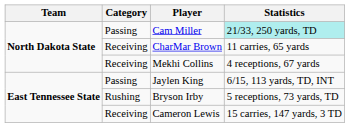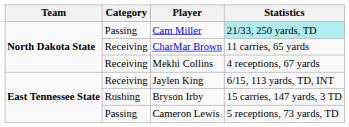 <table class="wikitable" style="float: right;">
 <tr>
 <th>Team</th>
 <th>Category</th>
 <th>Player</th>
 <th>Statistics</th>
 </tr>
 <tr>
 <td rowspan=3><strong>North Dakota State</strong></td>
 <td>Passing</td>
 <td><a href='#'>Cam Miller</a></td>
 <td style="background: paleturquoise;">21/33, 250 yards, TD</td>
 </tr>
 <tr>
 <td>Receiving</td>
 <td><a href='#'>CharMar Brown</a></td>
 <td>11 carries, 65 yards</td>
 </tr>
 <tr>
 <td>Receiving</td>
 <td>Mekhi Collins</td>
 <td>4 receptions, 67 yards</td>
 </tr>
 <tr>
 <td rowspan=3><strong>East Tennessee State</strong></td>
-<td>Passing</td>
+<td>Receiving</td>
 <td>Jaylen King</td>
 <td>6/15, 113 yards, TD, INT</td>
 </tr>
 <tr>
 <td>Rushing</td>
 <td>Bryson Irby</td>
+<td>15 carries, 147 yards, 3 TD</td>
+</tr>
+<tr>
+<td>Passing</td>
+<td>Cameron Lewis</td>
 <td>5 receptions, 73 yards, TD</td>
 </tr>
-<tr>
-<td>Receiving</td>
-<td>Cameron Lewis</td>
-<td>15 carries, 147 yards, 3 TD</td>
-</tr>
 </table>
